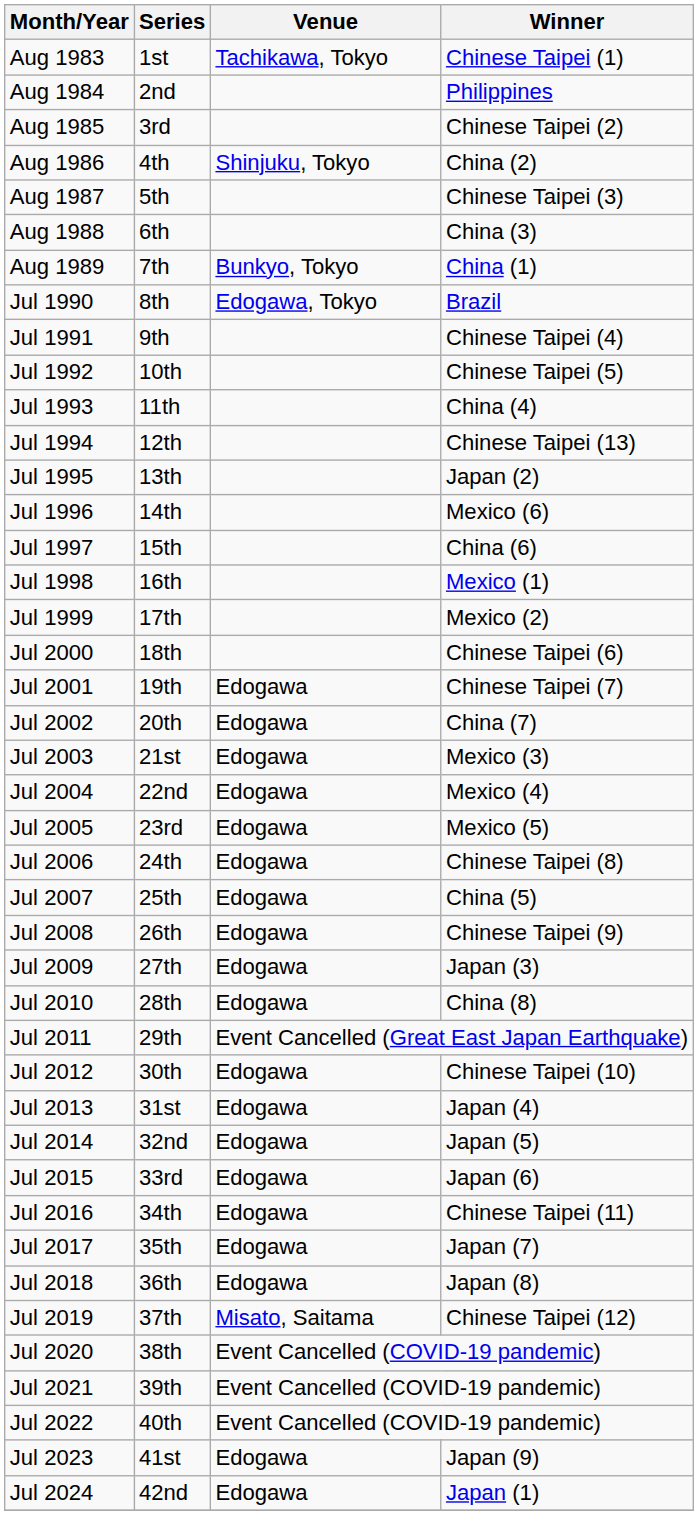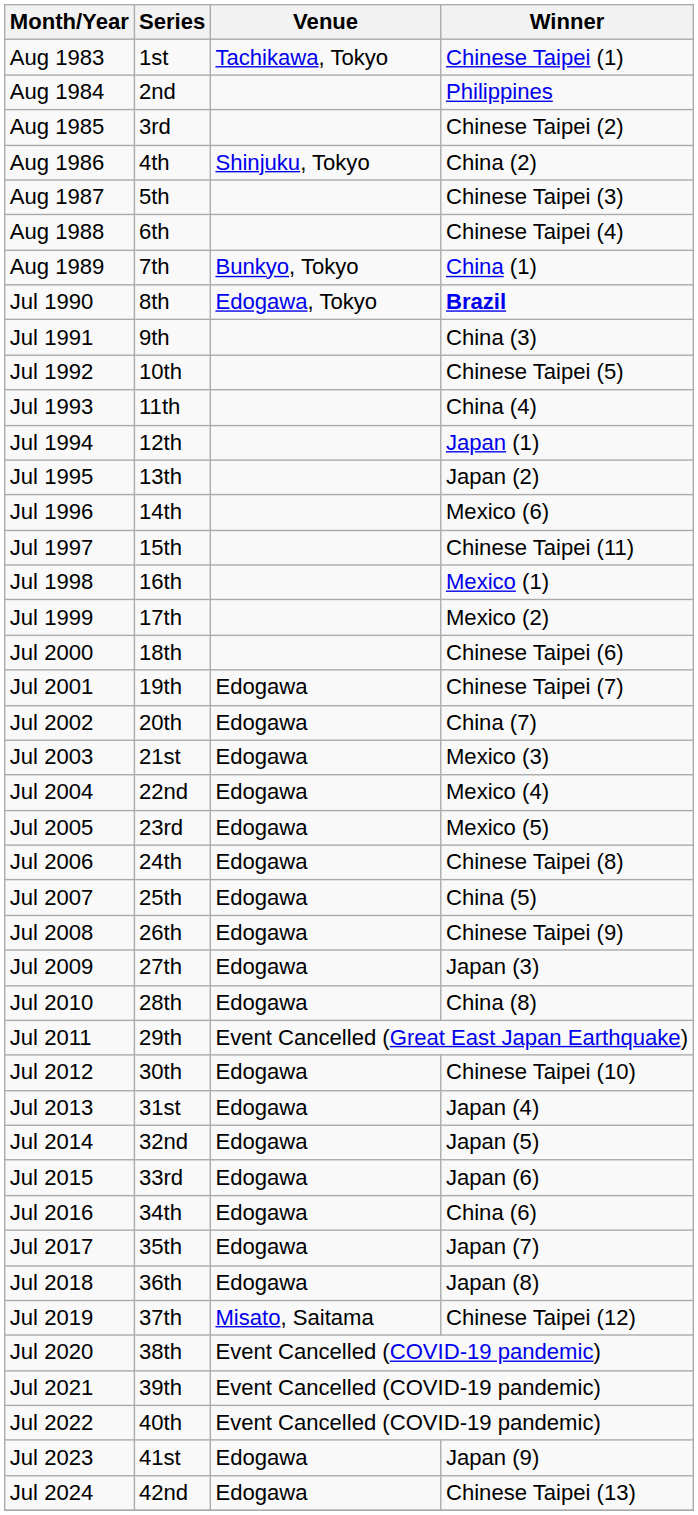 <table class="wikitable sortable">
 <tr>
 <th>Month/Year</th>
 <th>Series</th>
 <th>Venue</th>
 <th>Winner</th>
 </tr>
 <tr>
 <td>Aug 1983</td>
 <td>1st</td>
 <td><a href='#'>Tachikawa</a>, Tokyo</td>
 <td><a href='#'>Chinese Taipei</a> (1)</td>
 </tr>
 <tr>
 <td>Aug 1984</td>
 <td>2nd</td>
 <td></td>
 <td><a href='#'>Philippines</a></td>
 </tr>
 <tr>
 <td>Aug 1985</td>
 <td>3rd</td>
 <td></td>
 <td>Chinese Taipei (2)</td>
 </tr>
 <tr>
 <td>Aug 1986</td>
 <td>4th</td>
 <td><a href='#'>Shinjuku</a>, Tokyo</td>
 <td>China (2)</td>
 </tr>
 <tr>
 <td>Aug 1987</td>
 <td>5th</td>
 <td></td>
 <td>Chinese Taipei (3)</td>
 </tr>
 <tr>
 <td>Aug 1988</td>
 <td>6th</td>
 <td></td>
-<td>China (3)</td>
+<td>Chinese Taipei (4)</td>
 </tr>
 <tr>
 <td>Aug 1989</td>
 <td>7th</td>
 <td><a href='#'>Bunkyo</a>, Tokyo</td>
 <td><a href='#'>China</a> (1)</td>
 </tr>
 <tr>
 <td>Jul 1990</td>
 <td>8th</td>
 <td><a href='#'>Edogawa</a>, Tokyo</td>
-<td><a href='#'>Brazil</a></td>
+<td><strong><a href='#'>Brazil</a></strong></td>
 </tr>
 <tr>
 <td>Jul 1991</td>
 <td>9th</td>
 <td></td>
-<td>Chinese Taipei (4)</td>
+<td>China (3)</td>
 </tr>
 <tr>
 <td>Jul 1992</td>
 <td>10th</td>
 <td></td>
 <td>Chinese Taipei (5)</td>
 </tr>
 <tr>
 <td>Jul 1993</td>
 <td>11th</td>
 <td></td>
 <td>China (4)</td>
 </tr>
 <tr>
 <td>Jul 1994</td>
 <td>12th</td>
 <td></td>
-<td>Chinese Taipei (13)</td>
+<td><a href='#'>Japan</a> (1)</td>
 </tr>
 <tr>
 <td>Jul 1995</td>
 <td>13th</td>
 <td></td>
 <td>Japan (2)</td>
 </tr>
 <tr>
 <td>Jul 1996</td>
 <td>14th</td>
 <td></td>
 <td>Mexico (6)</td>
 </tr>
 <tr>
 <td>Jul 1997</td>
 <td>15th</td>
 <td></td>
-<td>China (6)</td>
+<td>Chinese Taipei (11) </td>
 </tr>
 <tr>
 <td>Jul 1998</td>
 <td>16th</td>
 <td></td>
 <td><a href='#'>Mexico</a> (1)</td>
 </tr>
 <tr>
 <td>Jul 1999</td>
 <td>17th</td>
 <td></td>
 <td>Mexico (2)</td>
 </tr>
 <tr>
 <td>Jul 2000</td>
 <td>18th</td>
 <td></td>
 <td>Chinese Taipei (6)</td>
 </tr>
 <tr>
 <td>Jul 2001</td>
 <td>19th</td>
 <td>Edogawa</td>
 <td>Chinese Taipei (7)</td>
 </tr>
 <tr>
 <td>Jul 2002</td>
 <td>20th</td>
 <td>Edogawa</td>
 <td>China (7)</td>
 </tr>
 <tr>
 <td>Jul 2003</td>
 <td>21st</td>
 <td>Edogawa</td>
 <td>Mexico (3)</td>
 </tr>
 <tr>
 <td>Jul 2004</td>
 <td>22nd</td>
 <td>Edogawa</td>
 <td>Mexico (4)</td>
 </tr>
 <tr>
 <td>Jul 2005</td>
 <td>23rd</td>
 <td>Edogawa</td>
 <td>Mexico (5)</td>
 </tr>
 <tr>
 <td>Jul 2006</td>
 <td>24th</td>
 <td>Edogawa</td>
 <td>Chinese Taipei (8)</td>
 </tr>
 <tr>
 <td>Jul 2007</td>
 <td>25th</td>
 <td>Edogawa</td>
 <td>China (5)</td>
 </tr>
 <tr>
 <td>Jul 2008</td>
 <td>26th</td>
 <td>Edogawa</td>
 <td>Chinese Taipei (9)</td>
 </tr>
 <tr>
 <td>Jul 2009</td>
 <td>27th</td>
 <td>Edogawa</td>
 <td>Japan (3)</td>
 </tr>
 <tr>
 <td>Jul 2010</td>
 <td>28th</td>
 <td>Edogawa</td>
 <td>China (8)</td>
 </tr>
 <tr>
 <td>Jul 2011</td>
 <td>29th</td>
 <td colspan=2>Event Cancelled (<a href='#'>Great East Japan Earthquake</a>)</td>
 </tr>
 <tr>
 <td>Jul 2012</td>
 <td>30th</td>
 <td>Edogawa</td>
 <td>Chinese Taipei (10)</td>
 </tr>
 <tr>
 <td>Jul 2013</td>
 <td>31st</td>
 <td>Edogawa</td>
 <td>Japan (4)</td>
 </tr>
 <tr>
 <td>Jul 2014</td>
 <td>32nd</td>
 <td>Edogawa</td>
 <td>Japan (5)</td>
 </tr>
 <tr>
 <td>Jul 2015</td>
 <td>33rd</td>
 <td>Edogawa</td>
 <td>Japan (6)</td>
 </tr>
 <tr>
 <td>Jul 2016</td>
 <td>34th</td>
 <td>Edogawa</td>
-<td>Chinese Taipei (11) </td>
+<td>China (6)</td>
 </tr>
 <tr>
 <td>Jul 2017</td>
 <td>35th</td>
 <td>Edogawa</td>
 <td>Japan (7)</td>
 </tr>
 <tr>
 <td>Jul 2018</td>
 <td>36th</td>
 <td>Edogawa</td>
 <td>Japan (8)</td>
 </tr>
 <tr>
 <td>Jul 2019</td>
 <td>37th</td>
 <td><a href='#'>Misato</a>, Saitama</td>
 <td>Chinese Taipei (12) </td>
 </tr>
 <tr>
 <td>Jul 2020</td>
 <td>38th</td>
 <td colspan=2>Event Cancelled (<a href='#'>COVID-19 pandemic</a>)</td>
 </tr>
 <tr>
 <td>Jul 2021</td>
 <td>39th</td>
 <td colspan=2>Event Cancelled (COVID-19 pandemic)</td>
 </tr>
 <tr>
 <td>Jul 2022</td>
 <td>40th</td>
 <td colspan=2>Event Cancelled (COVID-19 pandemic)</td>
 </tr>
 <tr>
 <td>Jul 2023</td>
 <td>41st</td>
 <td>Edogawa</td>
 <td>Japan (9)</td>
 </tr>
 <tr>
 <td>Jul 2024</td>
 <td>42nd</td>
 <td>Edogawa</td>
-<td><a href='#'>Japan</a> (1)</td>
+<td>Chinese Taipei (13)</td>
 </tr>
 <tr>
 </tr>
 </table>
